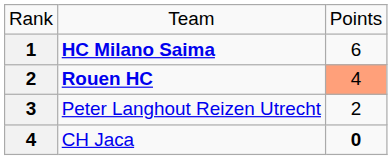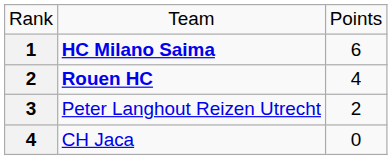 <table class="wikitable" style="text-align: center;">
 <tr>
 <td>Rank</td>
 <td>Team</td>
 <td>Points</td>
 </tr>
 <tr>
 <th>1</th>
 <td style="text-align: left;"> <strong><a href='#'>HC Milano Saima</a></strong></td>
 <td>6</td>
 </tr>
 <tr>
 <th>2</th>
 <td style="text-align: left;"> <strong><a href='#'>Rouen HC</a></strong></td>
-<td style="background: lightsalmon;">4</td>
+<td>4</td>
 </tr>
 <tr>
 <th>3</th>
 <td style="text-align: left;"> <a href='#'>Peter Langhout Reizen Utrecht</a></td>
 <td>2</td>
 </tr>
 <tr>
 <th>4</th>
 <td style="text-align: left;"> <a href='#'>CH Jaca</a></td>
-<td><strong>0</strong></td>
+<td>0</td>
 </tr>
 </table>
